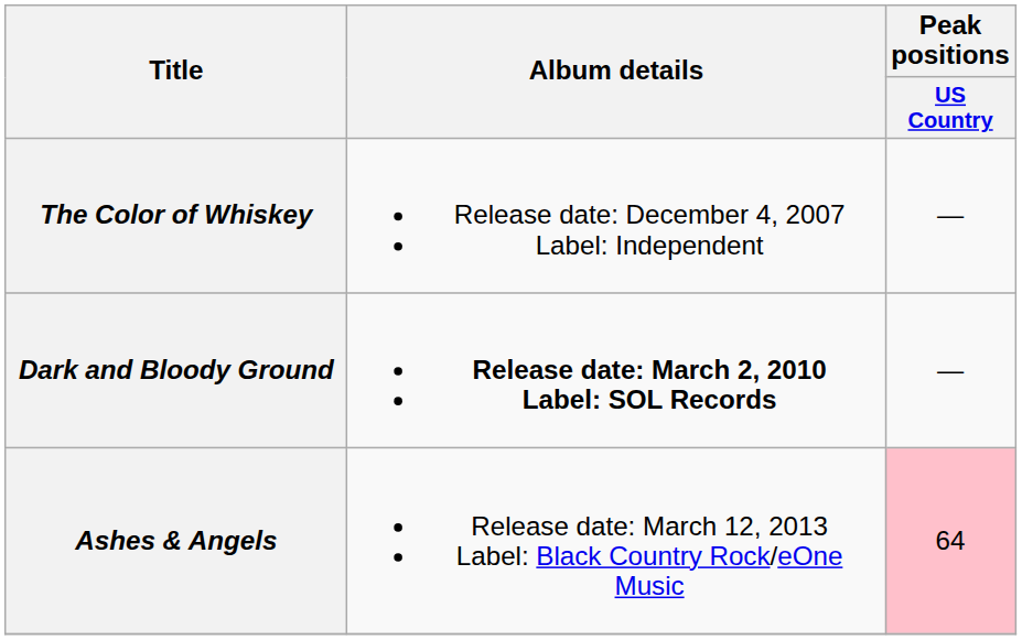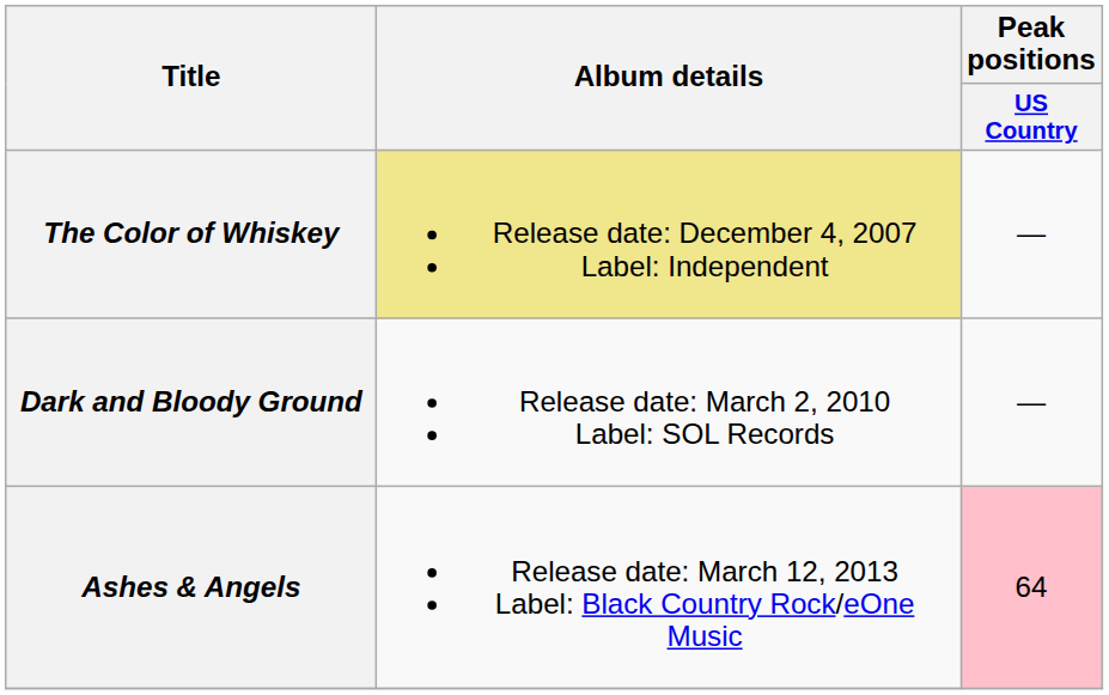 <table class="wikitable plainrowheaders" style="text-align:center;">
 <tr>
 <th rowspan="2" style="width:14em;">Title</th>
 <th rowspan="2" style="width:22em;">Album details</th>
 <th colspan="1">Peak positions</th>
 </tr>
 <tr style="font-size:smaller;">
 <th width="65"><a href='#'>US Country</a></th>
 </tr>
 <tr>
 <th scope="row"><em>The Color of Whiskey</em></th>
-<td><br><ul><li>Release date: December 4, 2007</li><li>Label: Independent</li></ul></td>
+<td style="background: khaki;"><br><ul><li>Release date: December 4, 2007</li><li>Label: Independent</li></ul></td>
 <td>—</td>
 </tr>
 <tr>
 <th scope="row"><em>Dark and Bloody Ground</em></th>
-<td><strong><br><ul><li>Release date: March 2, 2010</li><li>Label: SOL Records</li></ul></strong></td>
+<td><br><ul><li>Release date: March 2, 2010</li><li>Label: SOL Records</li></ul></td>
 <td>—</td>
 </tr>
 <tr>
 <th scope="row"><em>Ashes & Angels</em></th>
 <td><br><ul><li>Release date: March 12, 2013</li><li>Label: <a href='#'>Black Country Rock</a>/<a href='#'>eOne Music</a></li></ul></td>
 <td style="background: pink;">64</td>
 </tr>
 <tr>
 </tr>
 </table>
